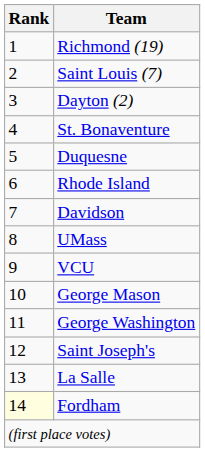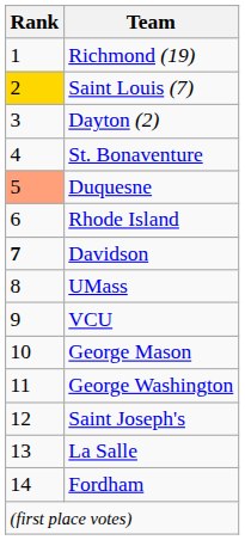 <table class=wikitable>
 <tr>
 <th>Rank</th>
 <th>Team</th>
 </tr>
 <tr>
 <td>1</td>
 <td><a href='#'>Richmond</a> <em>(19)</em></td>
 </tr>
 <tr>
-<td>2</td>
+<td style="background: gold;">2</td>
 <td><a href='#'>Saint Louis</a> <em>(7)</em></td>
 </tr>
 <tr>
 <td>3</td>
 <td><a href='#'>Dayton</a> <em>(2)</em></td>
 </tr>
 <tr>
 <td>4</td>
 <td><a href='#'>St. Bonaventure</a></td>
 </tr>
 <tr>
-<td>5</td>
+<td style="background: lightsalmon;">5</td>
 <td><a href='#'>Duquesne</a></td>
 </tr>
 <tr>
 <td>6</td>
 <td><a href='#'>Rhode Island</a></td>
 </tr>
 <tr>
-<td>7</td>
+<td><strong>7</strong></td>
 <td><a href='#'>Davidson</a></td>
 </tr>
 <tr>
 <td>8</td>
 <td><a href='#'>UMass</a></td>
 </tr>
 <tr>
 <td>9</td>
 <td><a href='#'>VCU</a></td>
 </tr>
 <tr>
 <td>10</td>
 <td><a href='#'>George Mason</a></td>
 </tr>
 <tr>
 <td>11</td>
 <td><a href='#'>George Washington</a></td>
 </tr>
 <tr>
 <td>12</td>
 <td><a href='#'>Saint Joseph's</a></td>
 </tr>
 <tr>
 <td>13</td>
 <td><a href='#'>La Salle</a></td>
 </tr>
 <tr>
-<td style="background: lightyellow;">14</td>
+<td>14</td>
 <td><a href='#'>Fordham</a></td>
 </tr>
 <tr>
 <td colspan="2" valign="middle"><small><em>(first place votes)</em></small></td>
 </tr>
 </table>
